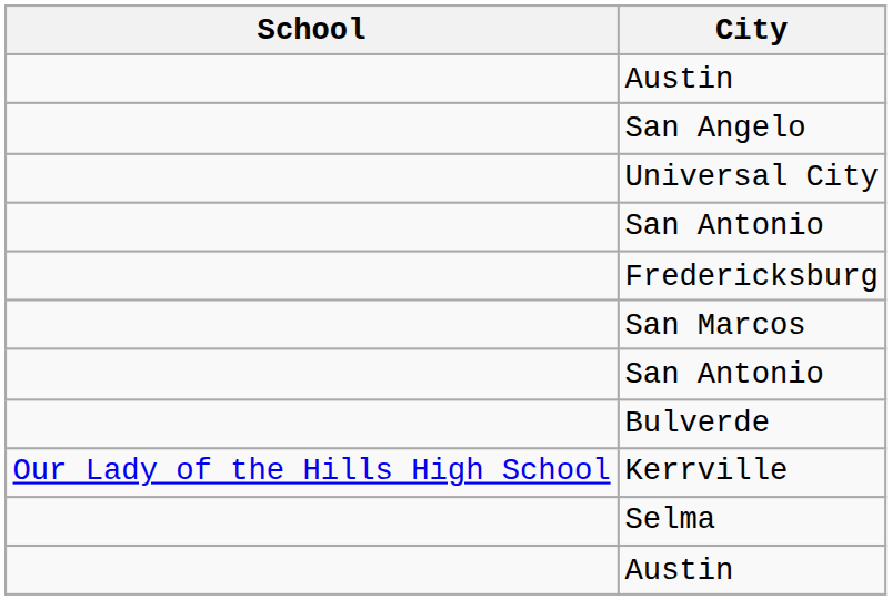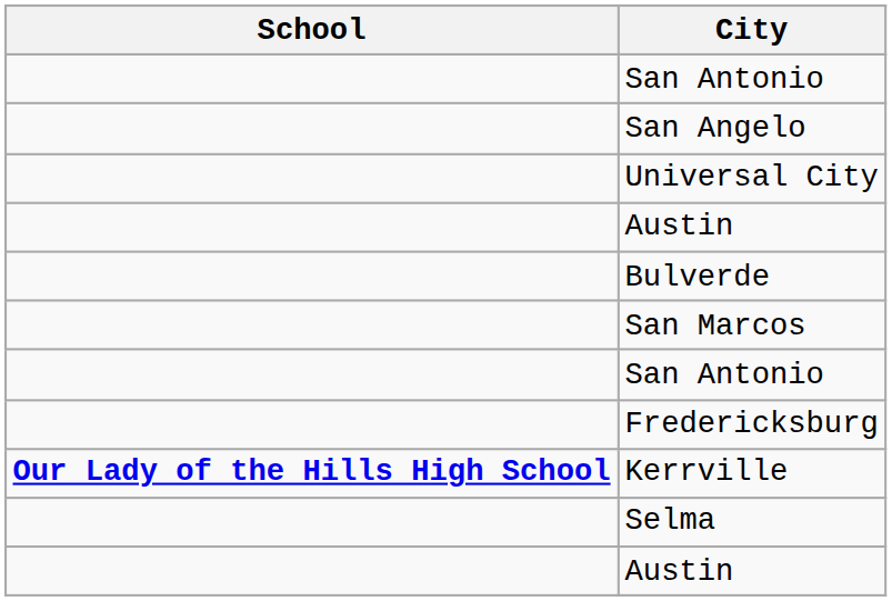 <table class="wikitable">
 <tr>
 <th>School</th>
 <th>City</th>
 </tr>
 <tr>
 <td></td>
-<td>Austin</td>
+<td>San Antonio</td>
 </tr>
 <tr>
 <td></td>
 <td>San Angelo</td>
 </tr>
 <tr>
 <td></td>
 <td>Universal City</td>
 </tr>
 <tr>
 <td></td>
-<td>San Antonio</td>
+<td>Austin</td>
 </tr>
 <tr>
 <td></td>
-<td>Fredericksburg</td>
+<td>Bulverde</td>
 </tr>
 <tr>
 <td></td>
 <td>San Marcos</td>
 </tr>
 <tr>
 <td></td>
 <td>San Antonio</td>
 </tr>
 <tr>
 <td></td>
-<td>Bulverde</td>
+<td>Fredericksburg</td>
 </tr>
 <tr>
-<td><a href='#'>Our Lady of the Hills High School</a></td>
+<td><strong><a href='#'>Our Lady of the Hills High School</a></strong></td>
 <td>Kerrville</td>
 </tr>
 <tr>
 <td></td>
 <td>Selma</td>
 </tr>
 <tr>
 <td></td>
 <td>Austin</td>
 </tr>
 </table>
